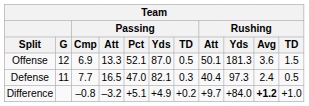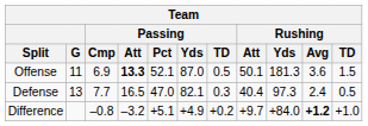 <table class="wikitable" style="text-align:center">
 <tr>
 <th colspan="11">Team</th>
 </tr>
 <tr>
 <th colspan="2"></th>
 <th colspan="5">Passing</th>
 <th colspan="4">Rushing</th>
 </tr>
 <tr>
 <th>Split</th>
 <th>G</th>
 <th>Cmp</th>
 <th>Att</th>
 <th>Pct</th>
 <th>Yds</th>
 <th>TD</th>
 <th>Att</th>
 <th>Yds</th>
 <th>Avg</th>
 <th>TD</th>
 </tr>
 <tr>
 <td>Offense</td>
-<td>12</td>
+<td>11</td>
 <td>6.9</td>
-<td>13.3</td>
+<td><strong>13.3</strong></td>
 <td>52.1</td>
 <td>87.0</td>
 <td>0.5</td>
 <td>50.1</td>
 <td>181.3</td>
 <td>3.6</td>
 <td>1.5</td>
 </tr>
 <tr>
 <td>Defense</td>
-<td>11</td>
+<td>13</td>
 <td>7.7</td>
 <td>16.5</td>
 <td>47.0</td>
 <td>82.1</td>
 <td>0.3</td>
 <td>40.4</td>
 <td>97.3</td>
 <td>2.4</td>
 <td>0.5</td>
 </tr>
 <tr>
 <td>Difference</td>
 <td></td>
 <td>–0.8</td>
 <td>–3.2</td>
 <td>+5.1</td>
 <td>+4.9</td>
 <td>+0.2</td>
 <td>+9.7</td>
 <td>+84.0</td>
 <td><strong>+1.2</strong></td>
 <td>+1.0</td>
 </tr>
 </table>
